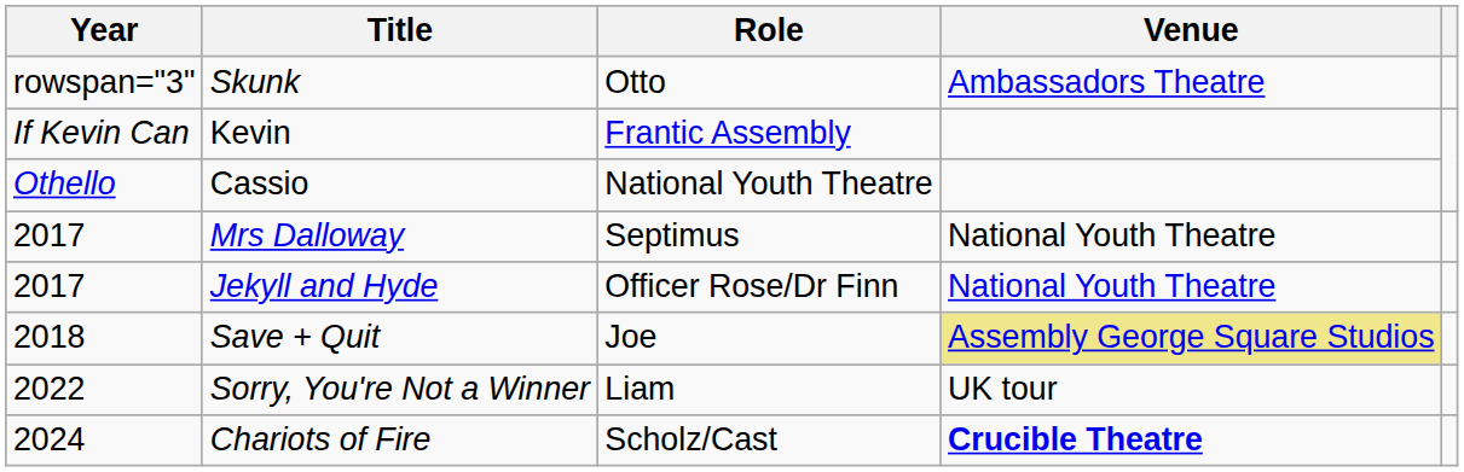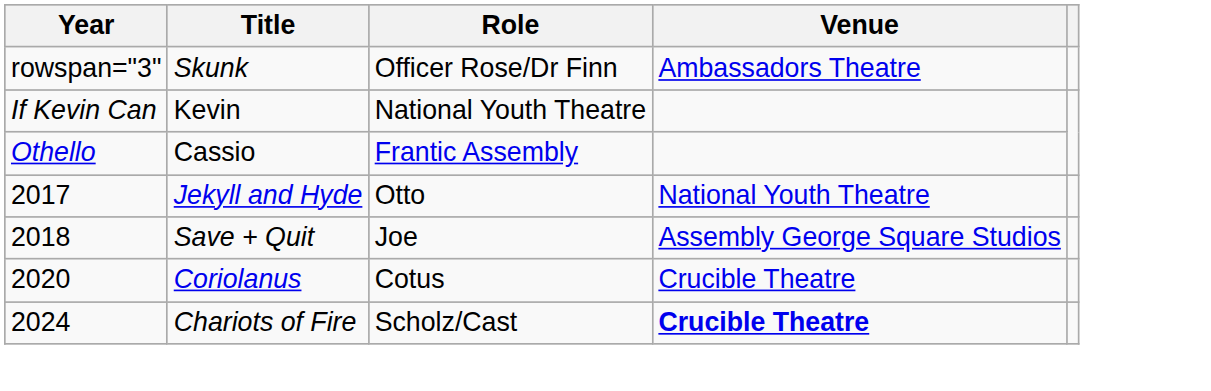 <table class="wikitable">
 <tr>
 <th>Year</th>
 <th>Title</th>
 <th>Role</th>
 <th>Venue</th>
 <th></th>
 </tr>
 <tr>
 <td>rowspan="3" </td>
 <td><em>Skunk</em></td>
-<td>Otto</td>
+<td>Officer Rose/Dr Finn</td>
 <td><a href='#'>Ambassadors Theatre</a></td>
 <td align="center"></td>
 </tr>
 <tr>
 <td><em>If Kevin Can</em></td>
 <td>Kevin</td>
-<td><a href='#'>Frantic Assembly</a></td>
+<td>National Youth Theatre</td>
 <td align="center"></td>
 </tr>
 <tr>
 <td><em><a href='#'>Othello</a></em></td>
 <td>Cassio</td>
-<td>National Youth Theatre</td>
-<td align="center"></td>
-</tr>
-<tr>
-<td>2017</td>
-<td><em><a href='#'>Mrs Dalloway</a></em></td>
-<td>Septimus</td>
-<td>National Youth Theatre</td>
+<td><a href='#'>Frantic Assembly</a></td>
 <td align="center"></td>
 </tr>
 <tr>
 <td>2017</td>
 <td><em><a href='#'>Jekyll and Hyde</a></em></td>
-<td>Officer Rose/Dr Finn</td>
+<td>Otto</td>
 <td><a href='#'>National Youth Theatre</a></td>
 <td align="center"></td>
 </tr>
 <tr>
 <td>2018</td>
 <td><em>Save + Quit</em></td>
 <td>Joe</td>
-<td style="background: khaki;"><a href='#'>Assembly George Square Studios</a></td>
+<td><a href='#'>Assembly George Square Studios</a></td>
 <td align="center"></td>
 </tr>
 <tr>
-<td>2022</td>
-<td><em>Sorry, You're Not a Winner</em></td>
-<td>Liam</td>
-<td>UK tour</td>
+<td>2020</td>
+<td><em><a href='#'>Coriolanus</a></em></td>
+<td>Cotus</td>
+<td><a href='#'>Crucible Theatre</a></td>
 <td align="center"></td>
 </tr>
 <tr>
 <td>2024</td>
 <td><em>Chariots of Fire</em></td>
 <td>Scholz/Cast</td>
 <td><strong><a href='#'>Crucible Theatre</a></strong></td>
 <td align="center"></td>
 </tr>
 </table>
